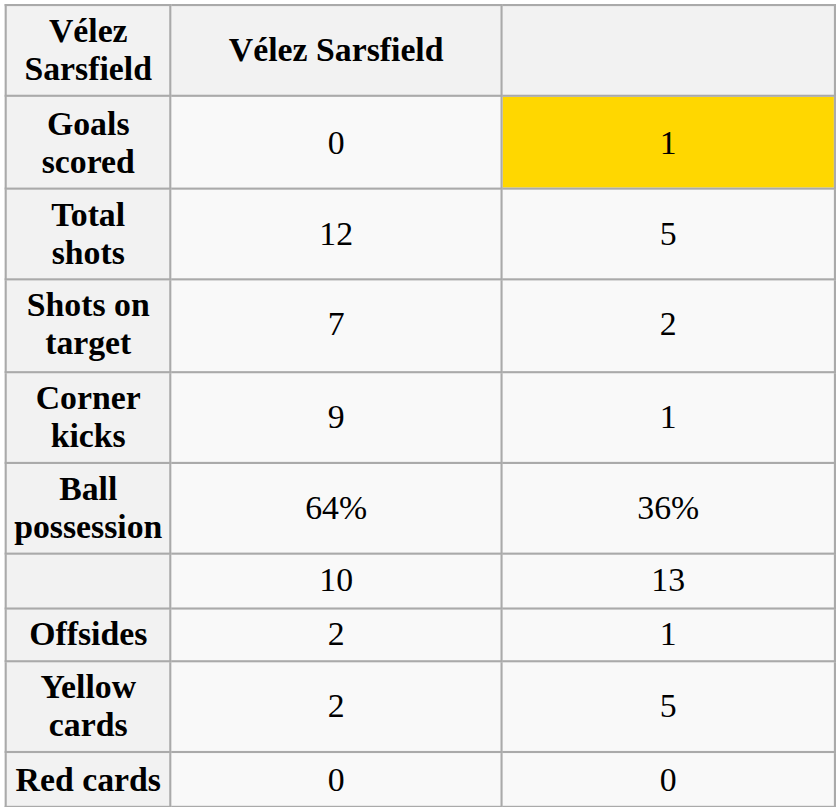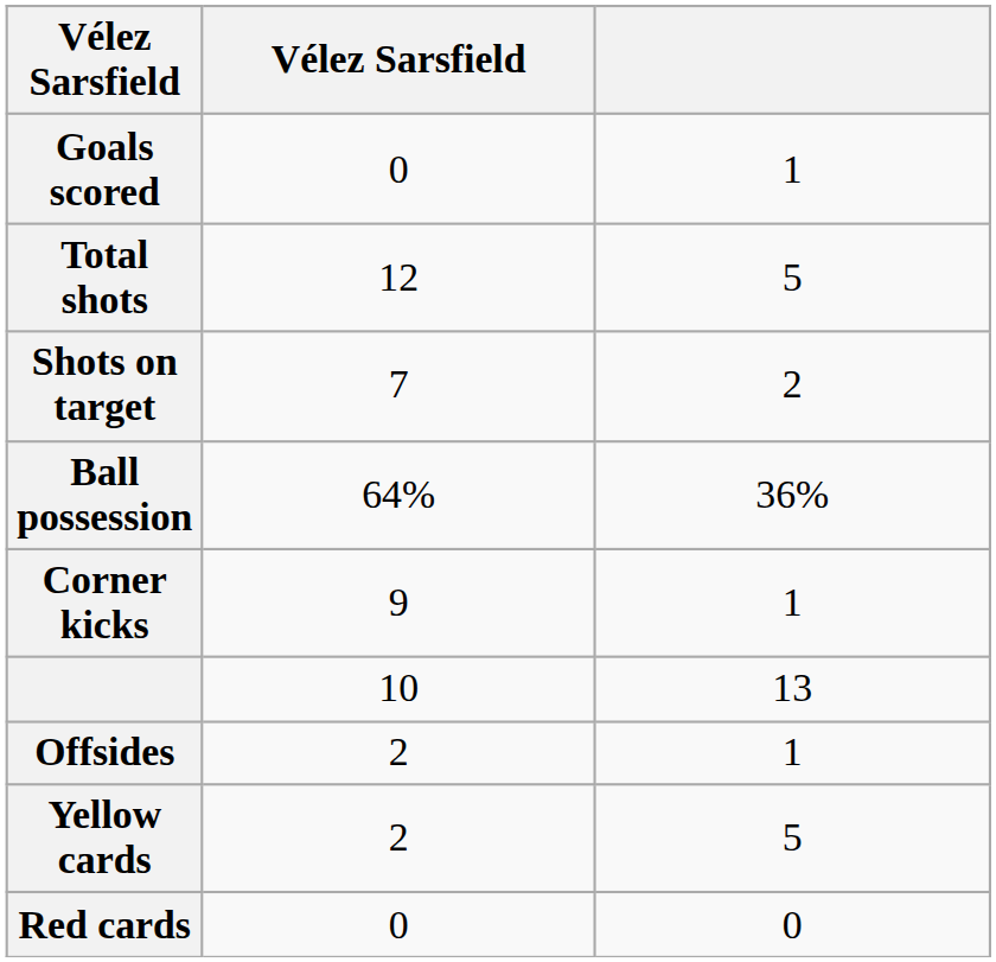 <table class="wikitable" style="text-align: center; margin: 0 auto;">
 <tr>
 <th scope="col" style="width:70px">Vélez Sarsfield</th>
 <th scope="col" style="width:150px">Vélez Sarsfield</th>
 <th scope="col" style="width:150px"></th>
 </tr>
 <tr>
 <th scope=row>Goals scored</th>
 <td>0</td>
-<td style="background: gold;">1</td>
+<td>1</td>
 </tr>
 <tr>
 <th scope=row>Total shots</th>
 <td>12</td>
 <td>5</td>
 </tr>
 <tr>
 <th scope=row>Shots on target</th>
 <td>7</td>
 <td>2</td>
 </tr>
 <tr>
+<th scope=row>Ball possession</th>
+<td>64%</td>
+<td>36%</td>
+</tr>
+<tr>
 <th scope=row>Corner kicks</th>
 <td>9</td>
 <td>1</td>
-</tr>
-<tr>
-<th scope=row>Ball possession</th>
-<td>64%</td>
-<td>36%</td>
 </tr>
 <tr>
 <th scope=row></th>
 <td>10</td>
 <td>13</td>
 </tr>
 <tr>
 <th scope=row>Offsides</th>
 <td>2</td>
 <td>1</td>
 </tr>
 <tr>
 <th scope=row>Yellow cards</th>
 <td>2</td>
 <td>5</td>
 </tr>
 <tr>
 <th scope=row>Red cards</th>
 <td>0</td>
 <td>0</td>
 </tr>
 </table>
